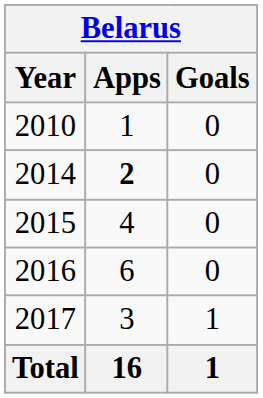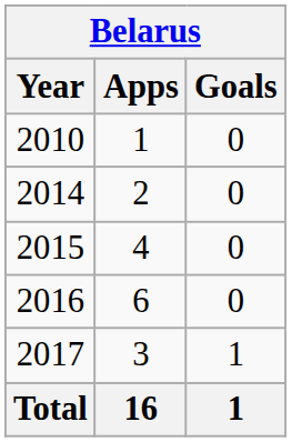 <table class="wikitable" style="text-align:center">
 <tr>
 <th colspan=3><a href='#'>Belarus</a></th>
 </tr>
 <tr>
 <th>Year</th>
 <th>Apps</th>
 <th>Goals</th>
 </tr>
 <tr>
 <td>2010</td>
 <td>1</td>
 <td>0</td>
 </tr>
 <tr>
 <td>2014</td>
-<td><strong>2</strong></td>
+<td>2</td>
 <td>0</td>
 </tr>
 <tr>
 <td>2015</td>
 <td>4</td>
 <td>0</td>
 </tr>
 <tr>
 <td>2016</td>
 <td>6</td>
 <td>0</td>
 </tr>
 <tr>
 <td>2017</td>
 <td>3</td>
 <td>1</td>
 </tr>
 <tr>
 <th>Total</th>
 <th>16</th>
 <th>1</th>
 </tr>
 </table>
